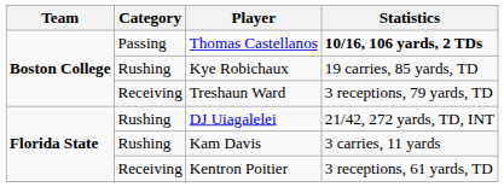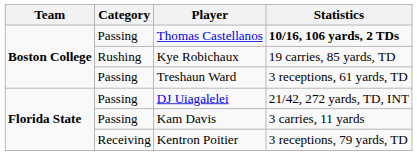 <table class="wikitable" style="float: right;">
 <tr>
 <th>Team</th>
 <th>Category</th>
 <th>Player</th>
 <th>Statistics</th>
 </tr>
 <tr>
 <td rowspan=3><strong>Boston College</strong></td>
 <td>Passing</td>
 <td><a href='#'>Thomas Castellanos</a></td>
 <td><strong>10/16, 106 yards, 2 TDs</strong></td>
 </tr>
 <tr>
 <td>Rushing</td>
 <td>Kye Robichaux</td>
 <td>19 carries, 85 yards, TD</td>
 </tr>
 <tr>
-<td>Receiving</td>
+<td>Passing</td>
 <td>Treshaun Ward</td>
-<td>3 receptions, 79 yards, TD</td>
+<td>3 receptions, 61 yards, TD</td>
 </tr>
 <tr>
 <td rowspan=3><strong>Florida State</strong></td>
-<td>Rushing</td>
+<td>Passing</td>
 <td><a href='#'>DJ Uiagalelei</a></td>
 <td>21/42, 272 yards, TD, INT</td>
 </tr>
 <tr>
-<td>Rushing</td>
+<td>Passing</td>
 <td>Kam Davis</td>
 <td>3 carries, 11 yards</td>
 </tr>
 <tr>
 <td>Receiving</td>
 <td>Kentron Poitier</td>
-<td>3 receptions, 61 yards, TD</td>
+<td>3 receptions, 79 yards, TD</td>
 </tr>
 </table>
